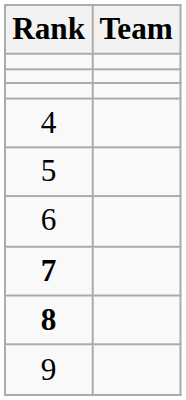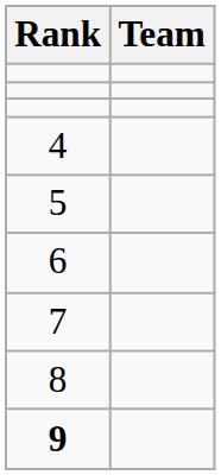 <table class="wikitable" style="text-align: center;">
 <tr>
 <th>Rank</th>
 <th>Team</th>
 </tr>
 <tr>
 <td></td>
 <td align="left"></td>
 </tr>
 <tr>
 <td></td>
 <td align="left"></td>
 </tr>
 <tr>
 <td></td>
 <td align="left"></td>
 </tr>
 <tr>
 <td>4</td>
 <td align="left"></td>
 </tr>
 <tr>
 <td>5</td>
 <td align="left"></td>
 </tr>
 <tr>
 <td>6</td>
 <td align="left"></td>
 </tr>
 <tr>
-<td><strong>7</strong></td>
+<td>7</td>
 <td align="left"></td>
 </tr>
 <tr>
-<td><strong>8</strong></td>
+<td>8</td>
 <td align="left"></td>
 </tr>
 <tr>
-<td>9</td>
+<td><strong>9</strong></td>
 <td align="left"></td>
 </tr>
 </table>
